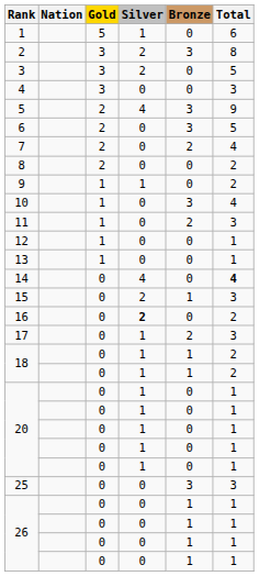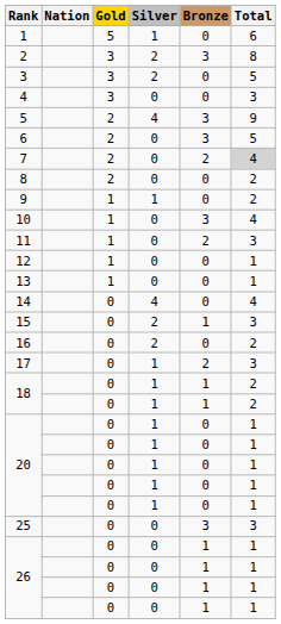 <table class="wikitable sortable" style="text-align:center">
 <tr>
 <th>Rank</th>
 <th>Nation</th>
 <th style="background-color:gold">Gold</th>
 <th style="background-color:silver">Silver</th>
 <th style="background-color:#cc9966">Bronze</th>
 <th>Total</th>
 </tr>
 <tr>
 <td>1</td>
 <td align=left></td>
 <td>5</td>
 <td>1</td>
 <td>0</td>
 <td>6</td>
 </tr>
 <tr>
 <td>2</td>
 <td align=left></td>
 <td>3</td>
 <td>2</td>
 <td>3</td>
 <td>8</td>
 </tr>
 <tr>
 <td>3</td>
 <td align=left></td>
 <td>3</td>
 <td>2</td>
 <td>0</td>
 <td>5</td>
 </tr>
 <tr>
 <td>4</td>
 <td align=left></td>
 <td>3</td>
 <td>0</td>
 <td>0</td>
 <td>3</td>
 </tr>
 <tr>
 <td>5</td>
 <td align=left></td>
 <td>2</td>
 <td>4</td>
 <td>3</td>
 <td>9</td>
 </tr>
 <tr>
 <td>6</td>
 <td align=left></td>
 <td>2</td>
 <td>0</td>
 <td>3</td>
 <td>5</td>
 </tr>
 <tr>
 <td>7</td>
 <td align=left></td>
 <td>2</td>
 <td>0</td>
 <td>2</td>
-<td>4</td>
+<td style="background: lightgrey;">4</td>
 </tr>
 <tr>
 <td>8</td>
 <td align=left></td>
 <td>2</td>
 <td>0</td>
 <td>0</td>
 <td>2</td>
 </tr>
 <tr>
 <td>9</td>
 <td align=left></td>
 <td>1</td>
 <td>1</td>
 <td>0</td>
 <td>2</td>
 </tr>
 <tr>
 <td>10</td>
 <td align=left></td>
 <td>1</td>
 <td>0</td>
 <td>3</td>
 <td>4</td>
 </tr>
 <tr>
 <td>11</td>
 <td align=left></td>
 <td>1</td>
 <td>0</td>
 <td>2</td>
 <td>3</td>
 </tr>
 <tr>
 <td>12</td>
 <td align=left></td>
 <td>1</td>
 <td>0</td>
 <td>0</td>
 <td>1</td>
 </tr>
 <tr>
 <td>13</td>
 <td align="left"></td>
 <td>1</td>
 <td>0</td>
 <td>0</td>
 <td>1</td>
 </tr>
 <tr>
 <td>14</td>
 <td align="left"></td>
 <td>0</td>
 <td>4</td>
 <td>0</td>
-<td><strong>4</strong></td>
+<td>4</td>
 </tr>
 <tr>
 <td>15</td>
 <td align="left"></td>
 <td>0</td>
 <td>2</td>
 <td>1</td>
 <td>3</td>
 </tr>
 <tr>
 <td>16</td>
 <td align="left"></td>
 <td>0</td>
-<td><strong>2</strong></td>
+<td>2</td>
 <td>0</td>
 <td>2</td>
 </tr>
 <tr>
 <td>17</td>
 <td align="left"></td>
 <td>0</td>
 <td>1</td>
 <td>2</td>
 <td>3</td>
 </tr>
 <tr>
 <td rowspan="2">18</td>
 <td align="left"></td>
 <td>0</td>
 <td>1</td>
 <td>1</td>
 <td>2</td>
 </tr>
 <tr>
 <td align=left></td>
 <td>0</td>
 <td>1</td>
 <td>1</td>
 <td>2</td>
 </tr>
 <tr>
 <td rowspan=5>20</td>
 <td align="left"></td>
 <td>0</td>
 <td>1</td>
 <td>0</td>
 <td>1</td>
 </tr>
 <tr>
 <td align=left></td>
 <td>0</td>
 <td>1</td>
 <td>0</td>
 <td>1</td>
 </tr>
 <tr>
 <td align=left></td>
 <td>0</td>
 <td>1</td>
 <td>0</td>
 <td>1</td>
 </tr>
 <tr>
 <td align=left></td>
 <td>0</td>
 <td>1</td>
 <td>0</td>
 <td>1</td>
 </tr>
 <tr>
 <td align=left></td>
 <td>0</td>
 <td>1</td>
 <td>0</td>
 <td>1</td>
 </tr>
 <tr>
 <td>25</td>
 <td align="left"></td>
 <td>0</td>
 <td>0</td>
 <td>3</td>
 <td>3</td>
 </tr>
 <tr>
 <td rowspan=4>26</td>
 <td align="left"></td>
 <td>0</td>
 <td>0</td>
 <td>1</td>
 <td>1</td>
 </tr>
 <tr>
 <td align=left></td>
 <td>0</td>
 <td>0</td>
 <td>1</td>
 <td>1</td>
 </tr>
 <tr>
 <td align=left></td>
 <td>0</td>
 <td>0</td>
 <td>1</td>
 <td>1</td>
 </tr>
 <tr>
 <td align=left></td>
 <td>0</td>
 <td>0</td>
 <td>1</td>
 <td>1</td>
 </tr>
 </table>
